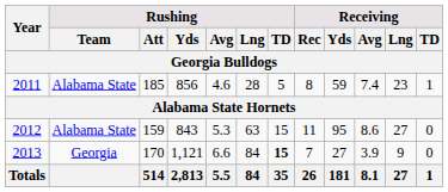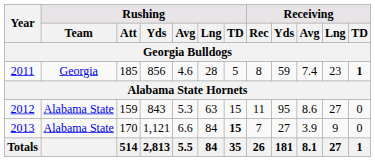 <table class=wikitable style="text-align:center">
 <tr>
 <th rowspan=2>Year</th>
 <th colspan="6" style="background:#e7e3e7;">Rushing</th>
 <th colspan="5" style="background:#e7e3e7;">Receiving</th>
 </tr>
 <tr>
 <th>Team</th>
 <th>Att</th>
 <th>Yds</th>
 <th>Avg</th>
 <th>Lng</th>
 <th>TD</th>
 <th>Rec</th>
 <th>Yds</th>
 <th>Avg</th>
 <th>Lng</th>
 <th>TD</th>
 </tr>
 <tr>
 <th colspan="12">Georgia Bulldogs</th>
 </tr>
 <tr>
 <td><a href='#'>2011</a></td>
-<td><a href='#'>Alabama State</a></td>
+<td><a href='#'>Georgia</a></td>
 <td>185</td>
 <td>856</td>
 <td>4.6</td>
 <td>28</td>
 <td>5</td>
 <td>8</td>
 <td>59</td>
 <td>7.4</td>
 <td>23</td>
-<td>1</td>
+<td><strong>1</strong></td>
 </tr>
 <tr>
 <th colspan="12">Alabama State Hornets</th>
 </tr>
 <tr>
 <td><a href='#'>2012</a></td>
 <td><a href='#'>Alabama State</a></td>
 <td>159</td>
 <td>843</td>
 <td>5.3</td>
 <td>63</td>
 <td>15</td>
 <td>11</td>
 <td>95</td>
 <td>8.6</td>
 <td>27</td>
 <td>0</td>
 </tr>
 <tr>
 <td><a href='#'>2013</a></td>
-<td><a href='#'>Georgia</a></td>
+<td><a href='#'>Alabama State</a></td>
 <td>170</td>
 <td>1,121</td>
 <td>6.6</td>
 <td>84</td>
 <td><strong>15</strong></td>
 <td>7</td>
 <td>27</td>
 <td>3.9</td>
 <td>9</td>
 <td>0</td>
 </tr>
 <tr>
 <th>Totals</th>
 <th></th>
 <th>514</th>
 <th>2,813</th>
 <th>5.5</th>
 <th>84</th>
 <th>35</th>
 <th>26</th>
 <th>181</th>
 <th>8.1</th>
 <th>27</th>
 <th>1</th>
 </tr>
 </table>
